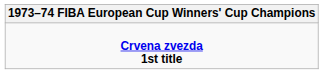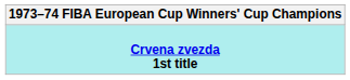 <table class=wikitable style="text-align:center; margin:auto">
 <tr>
 <th>1973–74 FIBA European Cup Winners' Cup Champions</th>
 </tr>
 <tr>
-<td><br> <strong><a href='#'>Crvena zvezda</a></strong> <br> <strong>1st title</strong></td>
+<td style="background: paleturquoise;"><br> <strong><a href='#'>Crvena zvezda</a></strong> <br> <strong>1st title</strong></td>
 </tr>
 </table>
